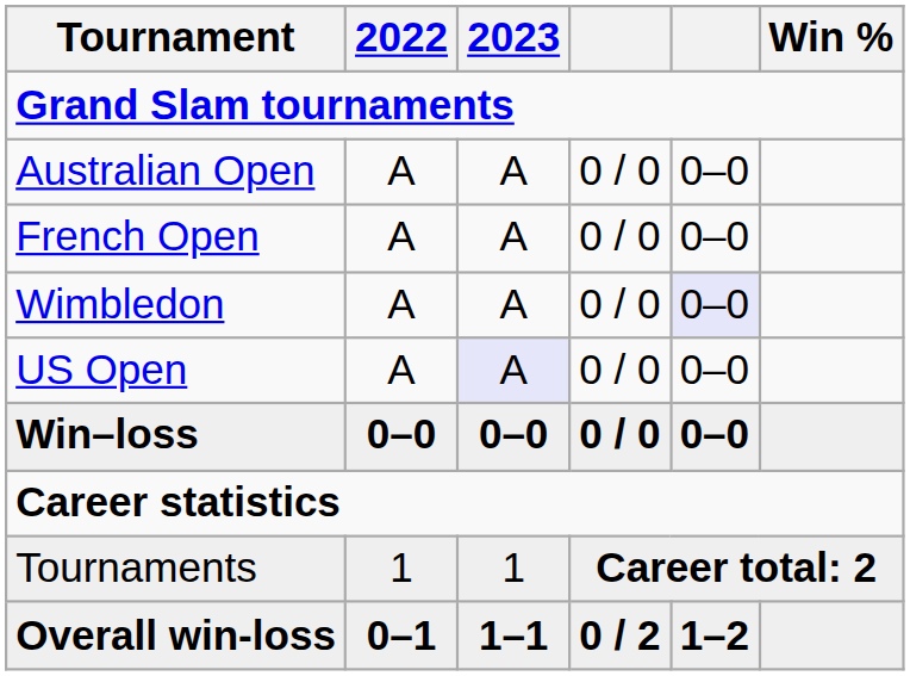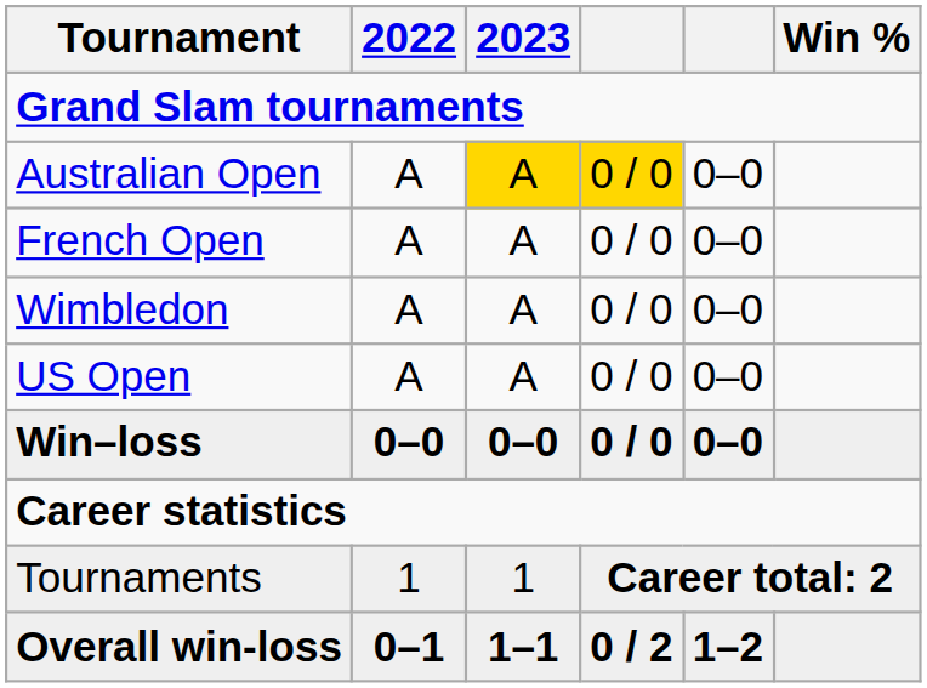 <table class="wikitable" style="text-align:center">
 <tr>
 <th>Tournament</th>
 <th><a href='#'>2022</a></th>
 <th><a href='#'>2023</a></th>
 <th></th>
 <th></th>
 <th>Win %</th>
 </tr>
 <tr>
 <td colspan="6" align="left"><strong><a href='#'>Grand Slam tournaments</a></strong></td>
 </tr>
 <tr>
 <td align="left"><a href='#'>Australian Open</a></td>
 <td>A</td>
-<td>A</td>
-<td>0 / 0</td>
+<td style="background: gold;">A</td>
+<td style="background: gold;">0 / 0</td>
 <td>0–0</td>
 <td></td>
 </tr>
 <tr>
 <td align="left"><a href='#'>French Open</a></td>
 <td>A</td>
 <td>A</td>
 <td>0 / 0</td>
 <td>0–0</td>
 <td></td>
 </tr>
 <tr>
 <td align="left"><a href='#'>Wimbledon</a></td>
 <td>A</td>
 <td>A</td>
 <td>0 / 0</td>
-<td style="background: lavender;">0–0</td>
+<td>0–0</td>
 <td></td>
 </tr>
 <tr>
 <td align="left"><a href='#'>US Open</a></td>
 <td>A</td>
-<td style="background: lavender;">A</td>
+<td>A</td>
 <td>0 / 0</td>
 <td>0–0</td>
 <td></td>
 </tr>
 <tr style="background:#efefef;font-weight:bold">
 <td align="left">Win–loss</td>
 <td>0–0</td>
 <td>0–0</td>
 <td>0 / 0</td>
 <td>0–0</td>
 <td></td>
 </tr>
 <tr>
 <td colspan="6" align="left"><strong>Career statistics</strong></td>
 </tr>
 <tr bgcolor="efefef">
 <td align="left">Tournaments</td>
 <td>1</td>
 <td>1</td>
 <td colspan="3"><strong>Career total: 2</strong></td>
 </tr>
 <tr style="background:#efefef;font-weight:bold">
 <td align="left">Overall win-loss</td>
 <td>0–1</td>
 <td>1–1</td>
 <td>0 / 2</td>
 <td>1–2</td>
 <td></td>
 </tr>
 </table>
